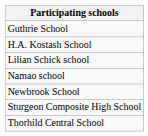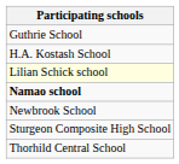 <table class="wikitable" align=right>
 <tr>
 <th>Participating schools</th>
 </tr>
 <tr>
 <td>Guthrie School</td>
 </tr>
 <tr>
 <td>H.A. Kostash School</td>
 </tr>
 <tr>
-<td>Lilian Schick school</td>
+<td style="background: lightyellow;">Lilian Schick school</td>
 </tr>
 <tr>
-<td>Namao school</td>
+<td><strong>Namao school</strong></td>
 </tr>
 <tr>
 <td>Newbrook School</td>
 </tr>
 <tr>
 <td>Sturgeon Composite High School</td>
 </tr>
 <tr>
 <td>Thorhild Central School</td>
 </tr>
 </table>
